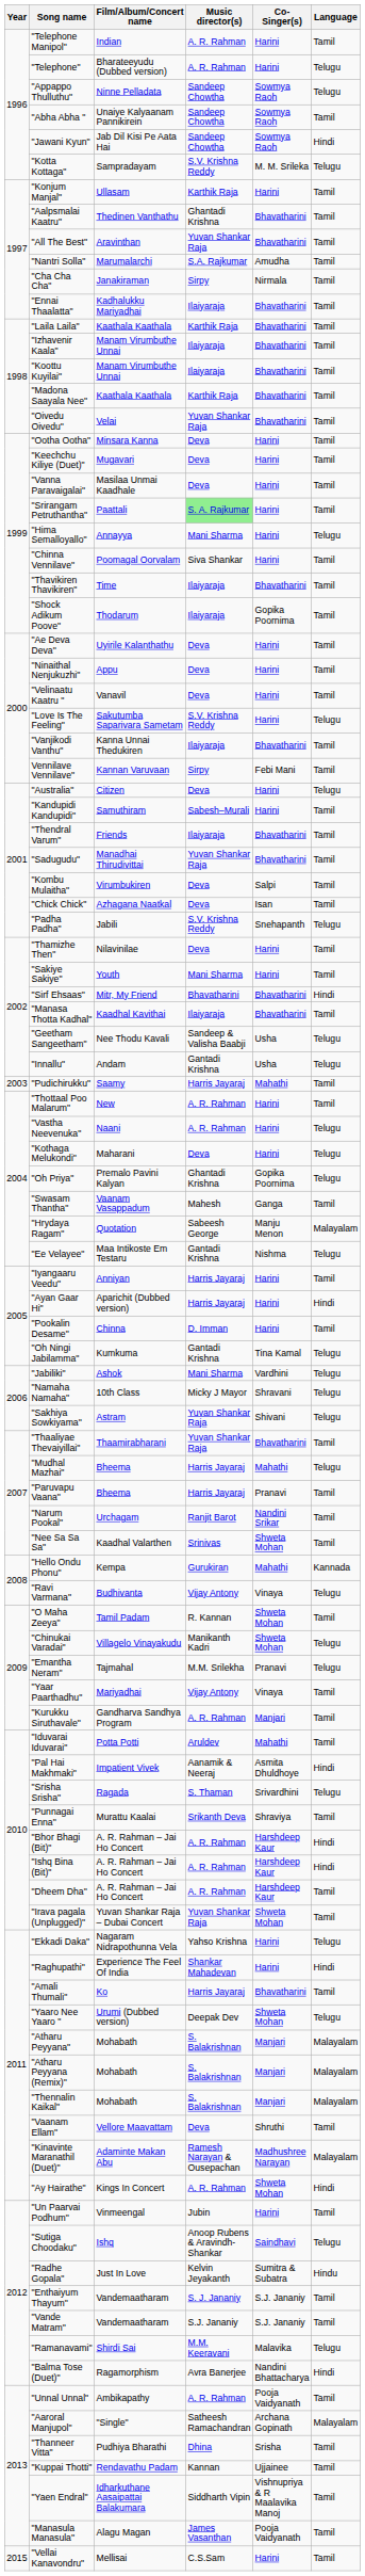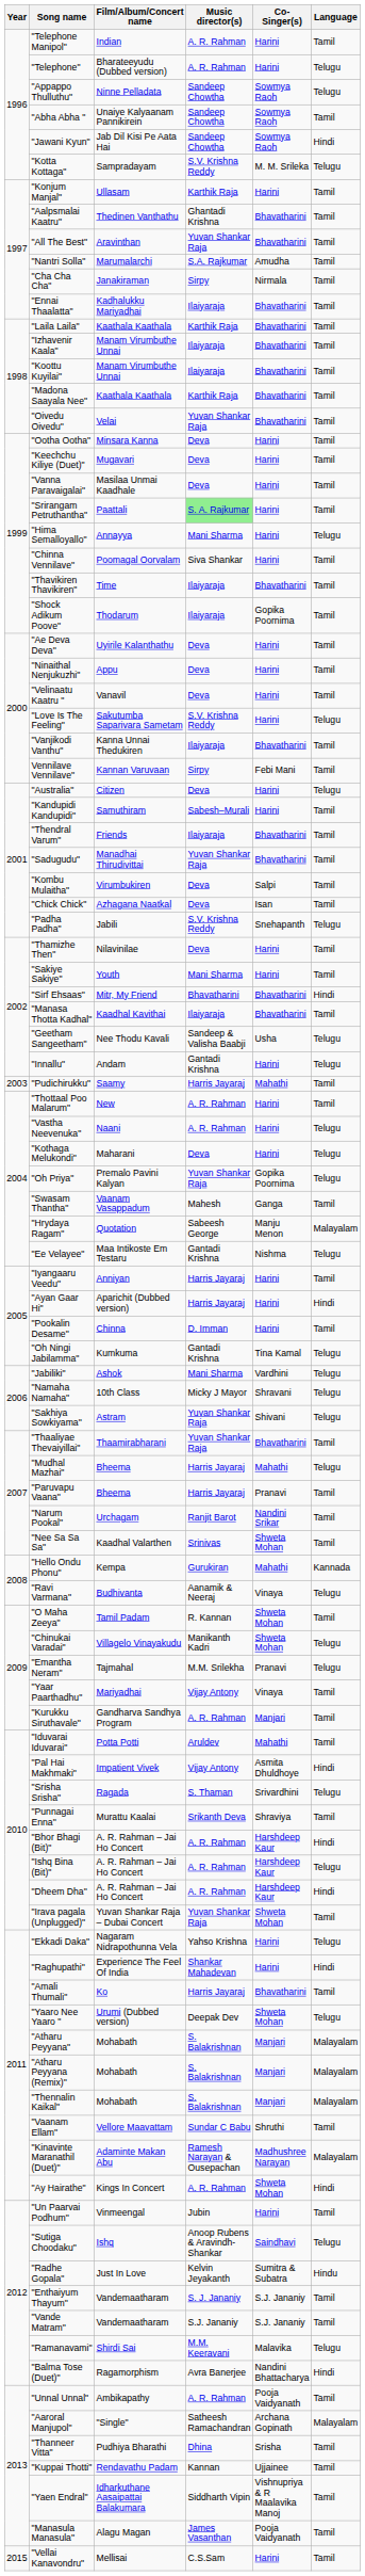 <table class="wikitable sortable">
 <tr>
 <th>Year</th>
 <th>Song name</th>
 <th>Film/Album/Concert name</th>
 <th>Music director(s)</th>
 <th>Co-Singer(s)</th>
 <th>Language</th>
 </tr>
 <tr>
 <td rowspan="6">1996</td>
 <td>"Telephone Manipol"</td>
 <td><a href='#'>Indian</a></td>
 <td><a href='#'>A. R. Rahman</a></td>
 <td><a href='#'>Harini</a></td>
 <td>Tamil</td>
 </tr>
 <tr>
 <td>"Telephone"</td>
 <td>Bharateeyudu (Dubbed version)</td>
 <td><a href='#'>A. R. Rahman</a></td>
 <td><a href='#'>Harini</a></td>
 <td>Telugu</td>
 </tr>
 <tr>
 <td>"Appappo Thulluthu"</td>
 <td><a href='#'>Ninne Pelladata</a></td>
 <td><a href='#'>Sandeep Chowtha</a></td>
 <td><a href='#'>Sowmya Raoh</a></td>
 <td>Telugu</td>
 </tr>
 <tr>
 <td>"Abha Abha "</td>
 <td>Unaiye Kalyaanam Pannikirein</td>
 <td><a href='#'>Sandeep Chowtha</a></td>
 <td><a href='#'>Sowmya Raoh</a></td>
 <td>Tamil</td>
 </tr>
 <tr>
 <td>"Jawani Kyun"</td>
 <td>Jab Dil Kisi Pe Aata Hai</td>
 <td><a href='#'>Sandeep Chowtha</a></td>
 <td><a href='#'>Sowmya Raoh</a></td>
 <td>Hindi</td>
 </tr>
 <tr>
 <td>"Kotta Kottaga"</td>
 <td>Sampradayam</td>
 <td><a href='#'>S.V. Krishna Reddy</a></td>
 <td>M. M. Srileka</td>
 <td>Telugu</td>
 </tr>
 <tr>
 <td rowspan="6">1997</td>
 <td>"Konjum Manjal"</td>
 <td><a href='#'>Ullasam</a></td>
 <td><a href='#'>Karthik Raja</a></td>
 <td><a href='#'>Harini</a></td>
 <td>Tamil</td>
 </tr>
 <tr>
 <td>"Aalpsmalai Kaatru"</td>
 <td><a href='#'>Thedinen Vanthathu</a></td>
 <td>Ghantadi Krishna</td>
 <td><a href='#'>Bhavatharini</a></td>
 <td>Tamil</td>
 </tr>
 <tr>
 <td>"All The Best"</td>
 <td><a href='#'>Aravinthan</a></td>
 <td><a href='#'>Yuvan Shankar Raja</a></td>
 <td><a href='#'>Bhavatharini</a></td>
 <td>Tamil</td>
 </tr>
 <tr>
 <td>"Nantri Solla"</td>
 <td><a href='#'>Marumalarchi</a></td>
 <td><a href='#'>S.A. Rajkumar</a></td>
 <td>Amudha</td>
 <td>Tamil</td>
 </tr>
 <tr>
 <td>"Cha Cha Cha"</td>
 <td><a href='#'>Janakiraman</a></td>
 <td><a href='#'>Sirpy</a></td>
 <td>Nirmala</td>
 <td>Tamil</td>
 </tr>
 <tr>
 <td>"Ennai Thaalatta"</td>
 <td><a href='#'>Kadhalukku Mariyadhai</a></td>
 <td><a href='#'>Ilaiyaraja</a></td>
 <td><a href='#'>Bhavatharini</a></td>
 <td>Tamil</td>
 </tr>
 <tr>
 <td rowspan="5">1998</td>
 <td>"Laila Laila"</td>
 <td><a href='#'>Kaathala Kaathala</a></td>
 <td><a href='#'>Karthik Raja</a></td>
 <td><a href='#'>Bhavatharini</a></td>
 <td>Tamil</td>
 </tr>
 <tr>
 <td>"Izhavenir Kaala"</td>
 <td><a href='#'>Manam Virumbuthe Unnai</a></td>
 <td><a href='#'>Ilaiyaraja</a></td>
 <td><a href='#'>Bhavatharini</a></td>
 <td>Tamil</td>
 </tr>
 <tr>
 <td>"Koottu Kuyilai"</td>
 <td><a href='#'>Manam Virumbuthe Unnai</a></td>
 <td><a href='#'>Ilaiyaraja</a></td>
 <td><a href='#'>Bhavatharini</a></td>
 <td>Tamil</td>
 </tr>
 <tr>
 <td>"Madona Saayala Nee"</td>
 <td><a href='#'>Kaathala Kaathala</a></td>
 <td><a href='#'>Karthik Raja</a></td>
 <td><a href='#'>Bhavatharini</a></td>
 <td>Tamil</td>
 </tr>
 <tr>
 <td>"Oivedu Oivedu"</td>
 <td><a href='#'>Velai</a></td>
 <td><a href='#'>Yuvan Shankar Raja</a></td>
 <td><a href='#'>Bhavatharini</a></td>
 <td>Tamil</td>
 </tr>
 <tr>
 <td rowspan="8">1999</td>
 <td>"Ootha Ootha"</td>
 <td><a href='#'>Minsara Kanna</a></td>
 <td><a href='#'>Deva</a></td>
 <td><a href='#'>Harini</a></td>
 <td>Tamil</td>
 </tr>
 <tr>
 <td>"Keechchu Kiliye (Duet)"</td>
 <td><a href='#'>Mugavari</a></td>
 <td><a href='#'>Deva</a></td>
 <td><a href='#'>Harini</a></td>
 <td>Tamil</td>
 </tr>
 <tr>
 <td>"Vanna Paravaigalai"</td>
 <td>Masilaa Unmai Kaadhale</td>
 <td><a href='#'>Deva</a></td>
 <td><a href='#'>Harini</a></td>
 <td>Tamil</td>
 </tr>
 <tr>
 <td>"Srirangam Petruthantha"</td>
 <td><a href='#'>Paattali</a></td>
 <td style="background: lightgreen;"><a href='#'>S. A. Rajkumar</a></td>
 <td><a href='#'>Harini</a></td>
 <td>Tamil</td>
 </tr>
 <tr>
 <td>"Hima Semalloyallo"</td>
 <td><a href='#'>Annayya</a></td>
 <td><a href='#'>Mani Sharma</a></td>
 <td><a href='#'>Harini</a></td>
 <td>Telugu</td>
 </tr>
 <tr>
 <td>"Chinna Vennilave"</td>
 <td><a href='#'>Poomagal Oorvalam</a></td>
 <td>Siva Shankar</td>
 <td><a href='#'>Harini</a></td>
 <td>Tamil</td>
 </tr>
 <tr>
 <td>"Thavikiren Thavikiren"</td>
 <td><a href='#'>Time</a></td>
 <td><a href='#'>Ilaiyaraja</a></td>
 <td><a href='#'>Bhavatharini</a></td>
 <td>Tamil</td>
 </tr>
 <tr>
 <td>"Shock Adikum Poove"</td>
 <td><a href='#'>Thodarum</a></td>
 <td><a href='#'>Ilaiyaraja</a></td>
 <td>Gopika Poornima</td>
 <td>Tamil</td>
 </tr>
 <tr>
 <td rowspan="6">2000</td>
 <td>"Ae Deva Deva"</td>
 <td><a href='#'>Uyirile Kalanthathu</a></td>
 <td><a href='#'>Deva</a></td>
 <td><a href='#'>Harini</a></td>
 <td>Tamil</td>
 </tr>
 <tr>
 <td>"Ninaithal Nenjukuzhi"</td>
 <td><a href='#'>Appu</a></td>
 <td><a href='#'>Deva</a></td>
 <td><a href='#'>Harini</a></td>
 <td>Tamil</td>
 </tr>
 <tr>
 <td>"Velinaatu Kaatru "</td>
 <td>Vanavil</td>
 <td><a href='#'>Deva</a></td>
 <td><a href='#'>Harini</a></td>
 <td>Tamil</td>
 </tr>
 <tr>
 <td>"Love Is The Feeling"</td>
 <td><a href='#'>Sakutumba Saparivara Sametam</a></td>
 <td><a href='#'>S.V. Krishna Reddy</a></td>
 <td><a href='#'>Harini</a></td>
 <td>Telugu</td>
 </tr>
 <tr>
 <td>"Vanjikodi Vanthu"</td>
 <td>Kanna Unnai Thedukiren</td>
 <td><a href='#'>Ilaiyaraja</a></td>
 <td><a href='#'>Bhavatharini</a></td>
 <td>Tamil</td>
 </tr>
 <tr>
 <td>Vennilave Vennilave"</td>
 <td><a href='#'>Kannan Varuvaan</a></td>
 <td><a href='#'>Sirpy</a></td>
 <td>Febi Mani</td>
 <td>Tamil</td>
 </tr>
 <tr>
 <td rowspan="7">2001</td>
 <td>"Australia"</td>
 <td><a href='#'>Citizen</a></td>
 <td><a href='#'>Deva</a></td>
 <td><a href='#'>Harini</a></td>
 <td>Telugu</td>
 </tr>
 <tr>
 <td>"Kandupidi Kandupidi"</td>
 <td><a href='#'>Samuthiram</a></td>
 <td><a href='#'>Sabesh–Murali</a></td>
 <td><a href='#'>Harini</a></td>
 <td>Tamil</td>
 </tr>
 <tr>
 <td>"Thendral Varum"</td>
 <td><a href='#'>Friends</a></td>
 <td><a href='#'>Ilaiyaraja</a></td>
 <td><a href='#'>Bhavatharini</a></td>
 <td>Tamil</td>
 </tr>
 <tr>
 <td>"Sadugudu"</td>
 <td><a href='#'>Manadhai Thirudivittai</a></td>
 <td><a href='#'>Yuvan Shankar Raja</a></td>
 <td><a href='#'>Bhavatharini</a></td>
 <td>Tamil</td>
 </tr>
 <tr>
 <td>"Kombu Mulaitha"</td>
 <td><a href='#'>Virumbukiren</a></td>
 <td><a href='#'>Deva</a></td>
 <td>Salpi</td>
 <td>Tamil</td>
 </tr>
 <tr>
 <td>"Chick Chick"</td>
 <td><a href='#'>Azhagana Naatkal</a></td>
 <td><a href='#'>Deva</a></td>
 <td>Isan</td>
 <td>Tamil</td>
 </tr>
 <tr>
 <td>"Padha Padha"</td>
 <td>Jabili</td>
 <td><a href='#'>S.V. Krishna Reddy</a></td>
 <td>Snehapanth</td>
 <td>Telugu</td>
 </tr>
 <tr>
 <td rowspan="6">2002</td>
 <td>"Thamizhe Then"</td>
 <td>Nilavinilae</td>
 <td><a href='#'>Deva</a></td>
 <td><a href='#'>Harini</a></td>
 <td>Tamil</td>
 </tr>
 <tr>
 <td>"Sakiye Sakiye"</td>
 <td><a href='#'>Youth</a></td>
 <td><a href='#'>Mani Sharma</a></td>
 <td><a href='#'>Harini</a></td>
 <td>Tamil</td>
 </tr>
 <tr>
 <td>"Sirf Ehsaas"</td>
 <td><a href='#'>Mitr, My Friend</a></td>
 <td><a href='#'>Bhavatharini</a></td>
 <td><a href='#'>Bhavatharini</a></td>
 <td>Hindi</td>
 </tr>
 <tr>
 <td>"Manasa Thotta Kadhal"</td>
 <td><a href='#'>Kaadhal Kavithai</a></td>
 <td><a href='#'>Ilaiyaraja</a></td>
 <td><a href='#'>Bhavatharini</a></td>
 <td>Tamil</td>
 </tr>
 <tr>
 <td>"Geetham Sangeetham"</td>
 <td>Nee Thodu Kavali</td>
 <td>Sandeep & Valisha Baabji</td>
 <td>Usha</td>
 <td>Telugu</td>
 </tr>
 <tr>
 <td>"Innallu"</td>
 <td>Andam</td>
 <td>Gantadi Krishna</td>
-<td>Usha</td>
+<td><a href='#'>Harini</a></td>
 <td>Telugu</td>
 </tr>
 <tr>
 <td>2003</td>
 <td>"Pudichirukku"</td>
 <td><a href='#'>Saamy</a></td>
 <td><a href='#'>Harris Jayaraj</a></td>
 <td><a href='#'>Mahathi</a></td>
 <td>Tamil</td>
 </tr>
 <tr>
 <td rowspan="7">2004</td>
 <td>"Thottaal Poo Malarum"</td>
 <td><a href='#'>New</a></td>
 <td><a href='#'>A. R. Rahman</a></td>
 <td><a href='#'>Harini</a></td>
 <td>Tamil</td>
 </tr>
 <tr>
 <td>"Vastha Neevenuka"</td>
 <td><a href='#'>Naani</a></td>
 <td><a href='#'>A. R. Rahman</a></td>
 <td><a href='#'>Harini</a></td>
 <td>Telugu</td>
 </tr>
 <tr>
 <td>"Kothaga Melukondi"</td>
 <td>Maharani</td>
 <td><a href='#'>Deva</a></td>
 <td><a href='#'>Harini</a></td>
 <td>Telugu</td>
 </tr>
 <tr>
 <td>"Oh Priya"</td>
 <td>Premalo Pavini Kalyan</td>
-<td>Ghantadi Krishna</td>
+<td><a href='#'>Yuvan Shankar Raja</a></td>
 <td>Gopika Poornima</td>
 <td>Telugu</td>
 </tr>
 <tr>
 <td>"Swasam Thantha"</td>
 <td><a href='#'>Vaanam Vasappadum</a></td>
 <td>Mahesh</td>
 <td>Ganga</td>
 <td>Tamil</td>
 </tr>
 <tr>
 <td>"Hrydaya Ragam"</td>
 <td><a href='#'>Quotation</a></td>
 <td>Sabeesh George</td>
 <td>Manju Menon</td>
 <td>Malayalam</td>
 </tr>
 <tr>
 <td>"Ee Velayee"</td>
 <td>Maa Intikoste Em Testaru</td>
 <td>Gantadi Krishna</td>
 <td>Nishma</td>
 <td>Telugu</td>
 </tr>
 <tr>
 <td rowspan="4">2005</td>
 <td>"Iyangaaru Veedu"</td>
 <td><a href='#'>Anniyan</a></td>
 <td><a href='#'>Harris Jayaraj</a></td>
 <td><a href='#'>Harini</a></td>
 <td>Tamil</td>
 </tr>
 <tr>
 <td>"Ayan Gaar Hi"</td>
 <td>Aparichit (Dubbed version)</td>
 <td><a href='#'>Harris Jayaraj</a></td>
 <td><a href='#'>Harini</a></td>
 <td>Hindi</td>
 </tr>
 <tr>
 <td>"Pookalin Desame"</td>
 <td><a href='#'>Chinna</a></td>
 <td><a href='#'>D. Imman</a></td>
 <td><a href='#'>Harini</a></td>
 <td>Tamil</td>
 </tr>
 <tr>
 <td>"Oh Ningi Jabilamma"</td>
 <td>Kumkuma</td>
 <td>Gantadi Krishna</td>
 <td>Tina Kamal</td>
 <td>Telugu</td>
 </tr>
 <tr>
 <td rowspan="3">2006</td>
 <td>"Jabiliki"</td>
 <td><a href='#'>Ashok</a></td>
 <td><a href='#'>Mani Sharma</a></td>
 <td>Vardhini</td>
 <td>Telugu</td>
 </tr>
 <tr>
 <td>"Namaha Namaha"</td>
 <td>10th Class</td>
 <td>Micky J Mayor</td>
 <td>Shravani</td>
 <td>Telugu</td>
 </tr>
 <tr>
 <td>"Sakhiya Sowkiyama"</td>
 <td><a href='#'>Astram</a></td>
 <td><a href='#'>Yuvan Shankar Raja</a></td>
 <td>Shivani</td>
 <td>Telugu</td>
 </tr>
 <tr>
 <td rowspan="5">2007</td>
 <td>"Thaaliyae Thevaiyillai"</td>
 <td><a href='#'>Thaamirabharani</a></td>
 <td><a href='#'>Yuvan Shankar Raja</a></td>
 <td><a href='#'>Bhavatharini</a></td>
 <td>Tamil</td>
 </tr>
 <tr>
 <td>"Mudhal Mazhai"</td>
 <td><a href='#'>Bheema</a></td>
 <td><a href='#'>Harris Jayaraj</a></td>
 <td><a href='#'>Mahathi</a></td>
 <td>Telugu</td>
 </tr>
 <tr>
 <td>"Paruvapu Vaana"</td>
 <td><a href='#'>Bheema</a></td>
 <td><a href='#'>Harris Jayaraj</a></td>
 <td>Pranavi</td>
 <td>Tamil</td>
 </tr>
 <tr>
 <td>"Narum Pookal"</td>
 <td><a href='#'>Urchagam</a></td>
 <td><a href='#'>Ranjit Barot</a></td>
 <td><a href='#'>Nandini Srikar</a></td>
 <td>Tamil</td>
 </tr>
 <tr>
 <td>"Nee Sa Sa Sa"</td>
 <td>Kaadhal Valarthen</td>
 <td><a href='#'>Srinivas</a></td>
 <td><a href='#'>Shweta Mohan</a></td>
 <td>Tamil</td>
 </tr>
 <tr>
 <td rowspan="2">2008</td>
 <td>"Hello Ondu Phonu"</td>
 <td>Kempa</td>
 <td><a href='#'>Gurukiran</a></td>
 <td><a href='#'>Mahathi</a></td>
 <td>Kannada</td>
 </tr>
 <tr>
 <td>"Ravi Varmana"</td>
 <td><a href='#'>Budhivanta</a></td>
-<td><a href='#'>Vijay Antony</a></td>
+<td>Aanamik & Neeraj</td>
 <td>Vinaya</td>
 <td>Telugu</td>
 </tr>
 <tr>
 <td rowspan="5">2009</td>
 <td>"O Maha Zeeya"</td>
 <td><a href='#'>Tamil Padam</a></td>
 <td>R. Kannan</td>
 <td><a href='#'>Shweta Mohan</a></td>
 <td>Tamil</td>
 </tr>
 <tr>
 <td>"Chinukai Varadai"</td>
 <td><a href='#'>Villagelo Vinayakudu</a></td>
 <td>Manikanth Kadri</td>
 <td><a href='#'>Shweta Mohan</a></td>
 <td>Telugu</td>
 </tr>
 <tr>
 <td>"Emantha Neram"</td>
 <td>Tajmahal</td>
 <td>M.M. Srilekha</td>
 <td>Pranavi</td>
 <td>Telugu</td>
 </tr>
 <tr>
 <td>"Yaar Paarthadhu"</td>
 <td><a href='#'>Mariyadhai</a></td>
 <td><a href='#'>Vijay Antony</a></td>
 <td>Vinaya</td>
 <td>Tamil</td>
 </tr>
 <tr>
 <td>"Kurukku Siruthavale"</td>
 <td>Gandharva Sandhya Program</td>
 <td><a href='#'>A. R. Rahman</a></td>
 <td><a href='#'>Manjari</a></td>
 <td>Tamil</td>
 </tr>
 <tr>
 <td rowspan="8">2010</td>
 <td>"Iduvarai Iduvarai"</td>
 <td><a href='#'>Potta Potti</a></td>
 <td><a href='#'>Aruldev</a></td>
 <td><a href='#'>Mahathi</a></td>
 <td>Tamil</td>
 </tr>
 <tr>
 <td>"Pal Hai Makhmaki"</td>
 <td><a href='#'>Impatient Vivek</a></td>
-<td>Aanamik & Neeraj</td>
+<td><a href='#'>Vijay Antony</a></td>
 <td>Asmita Dhuldhoye</td>
 <td>Hindi</td>
 </tr>
 <tr>
 <td>"Srisha Srisha"</td>
 <td><a href='#'>Ragada</a></td>
 <td><a href='#'>S. Thaman</a></td>
 <td>Srivardhini</td>
 <td>Telugu</td>
 </tr>
 <tr>
 <td>"Punnagai Enna"</td>
 <td>Murattu Kaalai</td>
 <td><a href='#'>Srikanth Deva</a></td>
 <td>Shraviya</td>
 <td>Tamil</td>
 </tr>
 <tr>
 <td>"Bhor Bhagi (Bit)"</td>
 <td>A. R. Rahman – Jai Ho Concert</td>
 <td><a href='#'>A. R. Rahman</a></td>
 <td><a href='#'>Harshdeep Kaur</a></td>
 <td>Hindi</td>
 </tr>
 <tr>
 <td>"Ishq Bina (Bit)"</td>
 <td>A. R. Rahman – Jai Ho Concert</td>
 <td><a href='#'>A. R. Rahman</a></td>
 <td><a href='#'>Harshdeep Kaur</a></td>
-<td>Hindi</td>
+<td>Telugu</td>
 </tr>
 <tr>
 <td>"Dheem Dha"</td>
 <td>A. R. Rahman – Jai Ho Concert</td>
 <td><a href='#'>A. R. Rahman</a></td>
 <td><a href='#'>Harshdeep Kaur</a></td>
-<td>Tamil</td>
+<td>Hindi</td>
 </tr>
 <tr>
 <td>"Irava pagala (Unplugged)"</td>
 <td>Yuvan Shankar Raja – Dubai Concert</td>
 <td><a href='#'>Yuvan Shankar Raja</a></td>
 <td><a href='#'>Shweta Mohan</a></td>
 <td>Tamil</td>
 </tr>
 <tr>
 <td rowspan="10">2011</td>
 <td>"Ekkadi Daka"</td>
 <td>Nagaram Nidrapothunna Vela</td>
 <td>Yahso Krishna</td>
 <td><a href='#'>Harini</a></td>
 <td>Telugu</td>
 </tr>
 <tr>
 <td>"Raghupathi"</td>
 <td>Experience The Feel Of India</td>
 <td><a href='#'>Shankar Mahadevan</a></td>
 <td><a href='#'>Harini</a></td>
 <td>Hindi</td>
 </tr>
 <tr>
 <td>"Amali Thumali"</td>
 <td><a href='#'>Ko</a></td>
 <td><a href='#'>Harris Jayaraj</a></td>
 <td><a href='#'>Bhavatharini</a></td>
 <td>Tamil</td>
 </tr>
 <tr>
 <td>"Yaaro Nee Yaaro "</td>
 <td><a href='#'>Urumi</a> (Dubbed version)</td>
 <td>Deepak Dev</td>
 <td><a href='#'>Shweta Mohan</a></td>
 <td>Telugu</td>
 </tr>
 <tr>
 <td>"Atharu Peyyana"</td>
 <td>Mohabath</td>
 <td><a href='#'>S. Balakrishnan</a></td>
 <td><a href='#'>Manjari</a></td>
 <td>Malayalam</td>
 </tr>
 <tr>
 <td>"Atharu Peyyana (Remix)"</td>
 <td>Mohabath</td>
 <td><a href='#'>S. Balakrishnan</a></td>
 <td><a href='#'>Manjari</a></td>
 <td>Malayalam</td>
 </tr>
 <tr>
 <td>"Thennalin Kaikal"</td>
 <td>Mohabath</td>
 <td><a href='#'>S. Balakrishnan</a></td>
 <td><a href='#'>Manjari</a></td>
 <td>Malayalam</td>
 </tr>
 <tr>
 <td>"Vaanam Ellam"</td>
 <td><a href='#'>Vellore Maavattam</a></td>
-<td><a href='#'>Deva</a></td>
+<td><a href='#'>Sundar C Babu</a></td>
 <td>Shruthi</td>
 <td>Tamil</td>
 </tr>
 <tr>
 <td>"Kinavinte Maranathil (Duet)"</td>
 <td><a href='#'>Adaminte Makan Abu</a></td>
 <td><a href='#'>Ramesh Narayan</a> & Ousepachan</td>
 <td><a href='#'>Madhushree Narayan</a></td>
 <td>Malayalam</td>
 </tr>
 <tr>
 <td>"Ay Hairathe"</td>
 <td>Kings In Concert</td>
 <td><a href='#'>A. R. Rahman</a></td>
 <td><a href='#'>Shweta Mohan</a></td>
 <td>Hindi</td>
 </tr>
 <tr>
 <td rowspan="7">2012</td>
 <td>"Un Paarvai Podhum"</td>
 <td>Vinmeengal</td>
 <td>Jubin</td>
 <td><a href='#'>Harini</a></td>
 <td>Tamil</td>
 </tr>
 <tr>
 <td>"Sutiga Choodaku"</td>
 <td><a href='#'>Ishq</a></td>
 <td>Anoop Rubens & Aravindh-Shankar</td>
 <td><a href='#'>Saindhavi</a></td>
 <td>Telugu</td>
 </tr>
 <tr>
 <td>"Radhe Gopala"</td>
 <td>Just In Love</td>
 <td>Kelvin Jeyakanth</td>
 <td>Sumitra & Subatra</td>
 <td>Hindu</td>
 </tr>
 <tr>
 <td>"Enthaiyum Thayum"</td>
 <td>Vandemaatharam</td>
 <td><a href='#'>S. J. Jananiy</a></td>
 <td>S.J. Jananiy</td>
 <td>Tamil</td>
 </tr>
 <tr>
 <td>"Vande Matram"</td>
 <td>Vandemaatharam</td>
 <td>S.J. Jananiy</td>
 <td>S.J. Jananiy</td>
 <td>Tamil</td>
 </tr>
 <tr>
 <td>"Ramanavami"</td>
 <td><a href='#'>Shirdi Sai</a></td>
 <td><a href='#'>M.M. Keeravani</a></td>
 <td>Malavika</td>
 <td>Telugu</td>
 </tr>
 <tr>
 <td>"Balma Tose (Duet)"</td>
 <td>Ragamorphism</td>
 <td>Avra Banerjee</td>
 <td>Nandini Bhattacharya</td>
 <td>Hindi</td>
 </tr>
 <tr>
 <td rowspan="6">2013</td>
 <td>"Unnal Unnal"</td>
 <td>Ambikapathy</td>
 <td><a href='#'>A. R. Rahman</a></td>
 <td>Pooja Vaidyanath</td>
 <td>Tamil</td>
 </tr>
 <tr>
 <td>"Aaroral Manjupol"</td>
 <td>"Single"</td>
 <td>Satheesh Ramachandran</td>
 <td>Archana Gopinath</td>
 <td>Malayalam</td>
 </tr>
 <tr>
 <td>"Thanneer Vitta"</td>
 <td>Pudhiya Bharathi</td>
 <td><a href='#'>Dhina</a></td>
 <td>Srisha</td>
 <td>Tamil</td>
 </tr>
 <tr>
 <td>"Kuppai Thotti"</td>
 <td><a href='#'>Rendavathu Padam</a></td>
 <td>Kannan</td>
 <td>Ujjainee</td>
 <td>Tamil</td>
 </tr>
 <tr>
 <td>"Yaen Endral"</td>
 <td><a href='#'>Idharkuthane Aasaipattai Balakumara</a></td>
 <td>Siddharth Vipin</td>
 <td>Vishnupriya & R Maalavika Manoj</td>
 <td>Tamil</td>
 </tr>
 <tr>
 <td>"Manasula Manasula"</td>
 <td>Alagu Magan</td>
 <td><a href='#'>James Vasanthan</a></td>
 <td>Pooja Vaidyanath</td>
 <td>Tamil</td>
 </tr>
 <tr>
 <td rowspan="1">2015</td>
 <td>"Vellai Kanavondru"</td>
 <td>Mellisai</td>
 <td>C.S.Sam</td>
 <td><a href='#'>Harini</a></td>
 <td>Tamil</td>
 </tr>
 </table>
